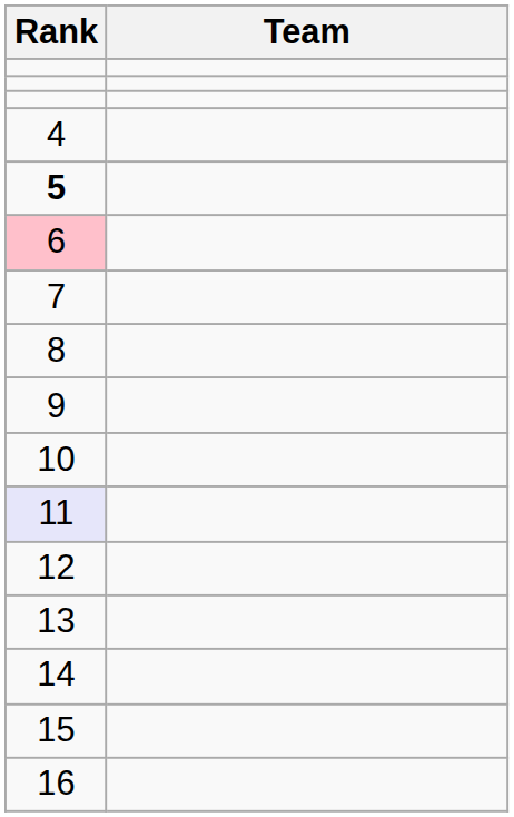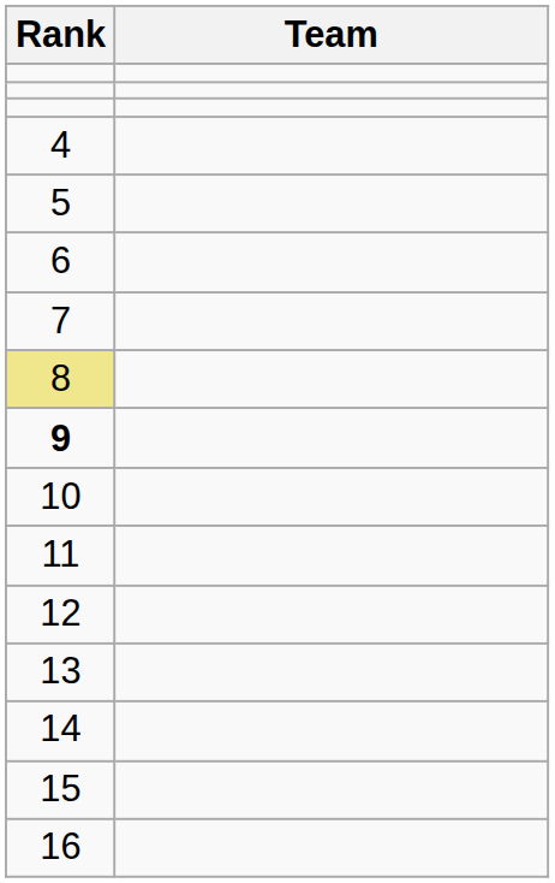 <table class="wikitable" style="text-align:center">
 <tr>
 <th width=40>Rank</th>
 <th width=180>Team</th>
 </tr>
 <tr>
 <td></td>
 <td style="text-align:left"></td>
 </tr>
 <tr>
 <td></td>
 <td style="text-align:left"></td>
 </tr>
 <tr>
 <td></td>
 <td style="text-align:left"></td>
 </tr>
 <tr>
 <td>4</td>
 <td style="text-align:left"></td>
 </tr>
 <tr>
-<td><strong>5</strong></td>
+<td>5</td>
 <td style="text-align:left"></td>
 </tr>
 <tr>
-<td style="background: pink;">6</td>
+<td>6</td>
 <td style="text-align:left"></td>
 </tr>
 <tr>
 <td>7</td>
 <td style="text-align:left"></td>
 </tr>
 <tr>
-<td>8</td>
+<td style="background: khaki;">8</td>
 <td style="text-align:left"></td>
 </tr>
 <tr>
-<td>9</td>
+<td><strong>9</strong></td>
 <td style="text-align:left"></td>
 </tr>
 <tr>
 <td>10</td>
 <td style="text-align:left"></td>
 </tr>
 <tr>
-<td style="background: lavender;">11</td>
+<td>11</td>
 <td style="text-align:left"></td>
 </tr>
 <tr>
 <td>12</td>
 <td style="text-align:left"></td>
 </tr>
 <tr>
 <td>13</td>
 <td style="text-align:left"></td>
 </tr>
 <tr>
 <td>14</td>
 <td style="text-align:left"></td>
 </tr>
 <tr>
 <td>15</td>
 <td style="text-align:left"></td>
 </tr>
 <tr>
 <td>16</td>
 <td style="text-align:left"></td>
 </tr>
 </table>
